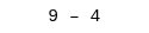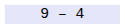 <table style="text-align:center">
 <tr>
 <th width=200></th>
 <th width=100></th>
 <th width=200></th>
 </tr>
 <tr>
 <td align=right><strong></strong></td>
-<td>9 – 4</td>
+<td style="background: lavender;">9 – 4</td>
 <td align=left></td>
 </tr>
 </table>
